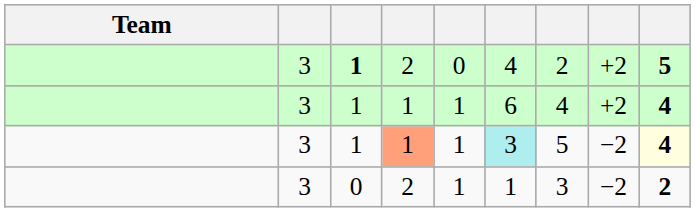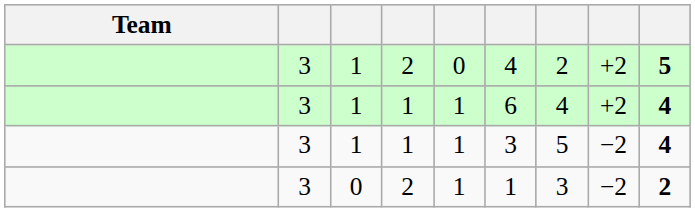 <table class="wikitable" style="text-align: center;">
 <tr>
 <th style="width:165px;">Team</th>
 <th width="25"></th>
 <th width="25"></th>
 <th width="25"></th>
 <th width="25"></th>
 <th width="25"></th>
 <th width="25"></th>
 <th width="25"></th>
 <th width="25"></th>
 </tr>
 <tr style="background:#cfc;">
 <td align="left"></td>
 <td>3</td>
-<td><strong>1</strong></td>
+<td>1</td>
 <td>2</td>
 <td>0</td>
 <td>4</td>
 <td>2</td>
 <td>+2</td>
 <td><strong>5</strong></td>
 </tr>
 <tr style="background:#cfc;">
 <td align="left"></td>
 <td>3</td>
 <td>1</td>
 <td>1</td>
 <td>1</td>
 <td>6</td>
 <td>4</td>
 <td>+2</td>
 <td><strong>4</strong></td>
 </tr>
 <tr>
 <td align="left"></td>
 <td>3</td>
 <td>1</td>
-<td style="background: lightsalmon;">1</td>
 <td>1</td>
-<td style="background: paleturquoise;">3</td>
+<td>1</td>
+<td>3</td>
 <td>5</td>
 <td>−2</td>
-<td style="background: lightyellow;"><strong>4</strong></td>
+<td><strong>4</strong></td>
 </tr>
 <tr>
 <td align="left"></td>
 <td>3</td>
 <td>0</td>
 <td>2</td>
 <td>1</td>
 <td>1</td>
 <td>3</td>
 <td>−2</td>
 <td><strong>2</strong></td>
 </tr>
 </table>
